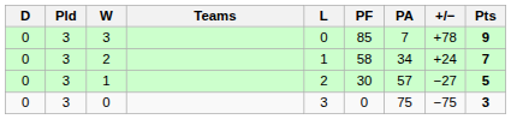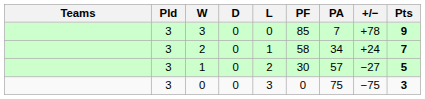 <table class="wikitable" style="text-align: center;">
 <tr>
-<th width="40">D</th>
+<th width="200">Teams</th>
 <th width="40">Pld</th>
 <th width="40">W</th>
-<th width="200">Teams</th>
+<th width="40">D</th>
 <th width="40">L</th>
 <th width="40">PF</th>
 <th width="40">PA</th>
 <th width="40">+/−</th>
 <th width="40">Pts</th>
 </tr>
 <tr bgcolor=#ccffcc>
-<td>0</td>
+<td align=left></td>
 <td>3</td>
 <td>3</td>
-<td align=left></td>
+<td>0</td>
 <td>0</td>
 <td>85</td>
 <td>7</td>
 <td>+78</td>
 <td><strong>9</strong></td>
 </tr>
 <tr bgcolor=#ccffcc>
-<td>0</td>
+<td align=left></td>
 <td>3</td>
 <td>2</td>
-<td align=left></td>
+<td>0</td>
 <td>1</td>
 <td>58</td>
 <td>34</td>
 <td>+24</td>
 <td><strong>7</strong></td>
 </tr>
 <tr bgcolor=#ccffcc>
-<td>0</td>
+<td align=left></td>
 <td>3</td>
 <td>1</td>
-<td align=left></td>
+<td>0</td>
 <td>2</td>
 <td>30</td>
 <td>57</td>
 <td>−27</td>
 <td><strong>5</strong></td>
 </tr>
 <tr>
-<td>0</td>
+<td align=left> <em></em></td>
 <td>3</td>
 <td>0</td>
-<td align=left> <em></em></td>
+<td>0</td>
 <td>3</td>
 <td>0</td>
 <td>75</td>
 <td>−75</td>
 <td><strong>3</strong></td>
 </tr>
 </table>
